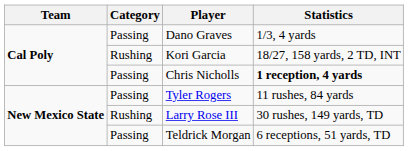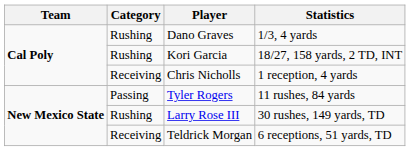 <table class="wikitable" style="float: left;">
 <tr>
 <th>Team</th>
 <th>Category</th>
 <th>Player</th>
 <th>Statistics</th>
 </tr>
 <tr>
 <td rowspan=3><strong>Cal Poly</strong></td>
-<td>Passing</td>
+<td>Rushing</td>
 <td>Dano Graves</td>
 <td>1/3, 4 yards</td>
 </tr>
 <tr>
 <td>Rushing</td>
 <td>Kori Garcia</td>
 <td>18/27, 158 yards, 2 TD, INT</td>
 </tr>
 <tr>
-<td>Passing</td>
+<td>Receiving</td>
 <td>Chris Nicholls</td>
-<td><strong>1 reception, 4 yards</strong></td>
+<td>1 reception, 4 yards</td>
 </tr>
 <tr>
 <td rowspan=3><strong>New Mexico State</strong></td>
 <td>Passing</td>
 <td><a href='#'>Tyler Rogers</a></td>
 <td>11 rushes, 84 yards</td>
 </tr>
 <tr>
 <td>Rushing</td>
 <td><a href='#'>Larry Rose III</a></td>
 <td>30 rushes, 149 yards, TD</td>
 </tr>
 <tr>
-<td>Passing</td>
+<td>Receiving</td>
 <td>Teldrick Morgan</td>
 <td>6 receptions, 51 yards, TD</td>
 </tr>
 </table>
